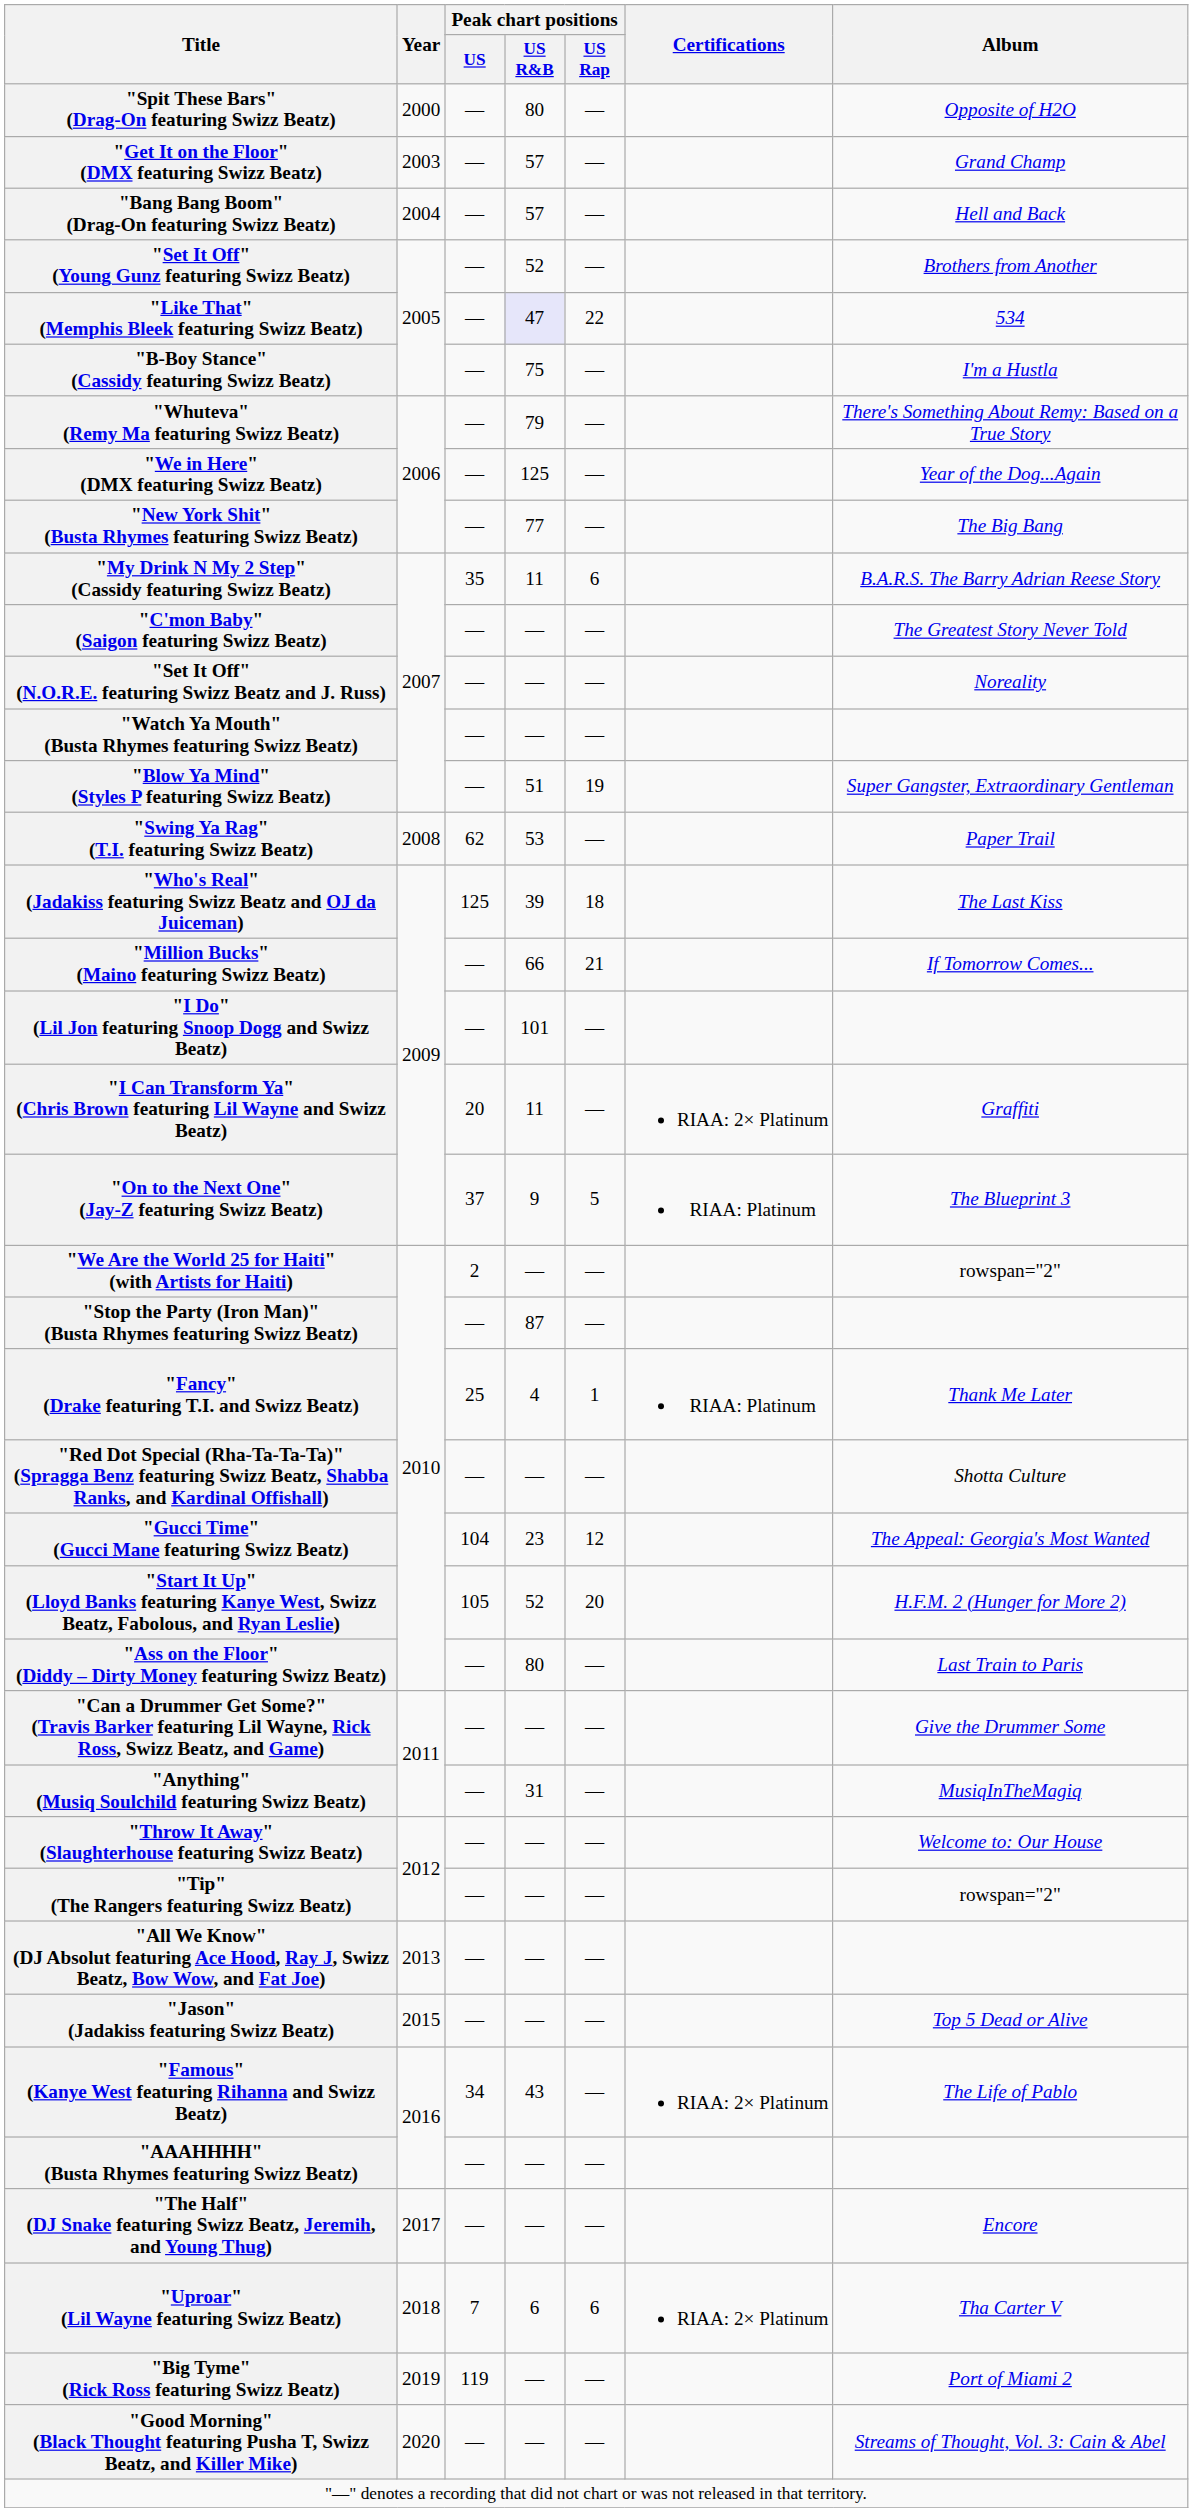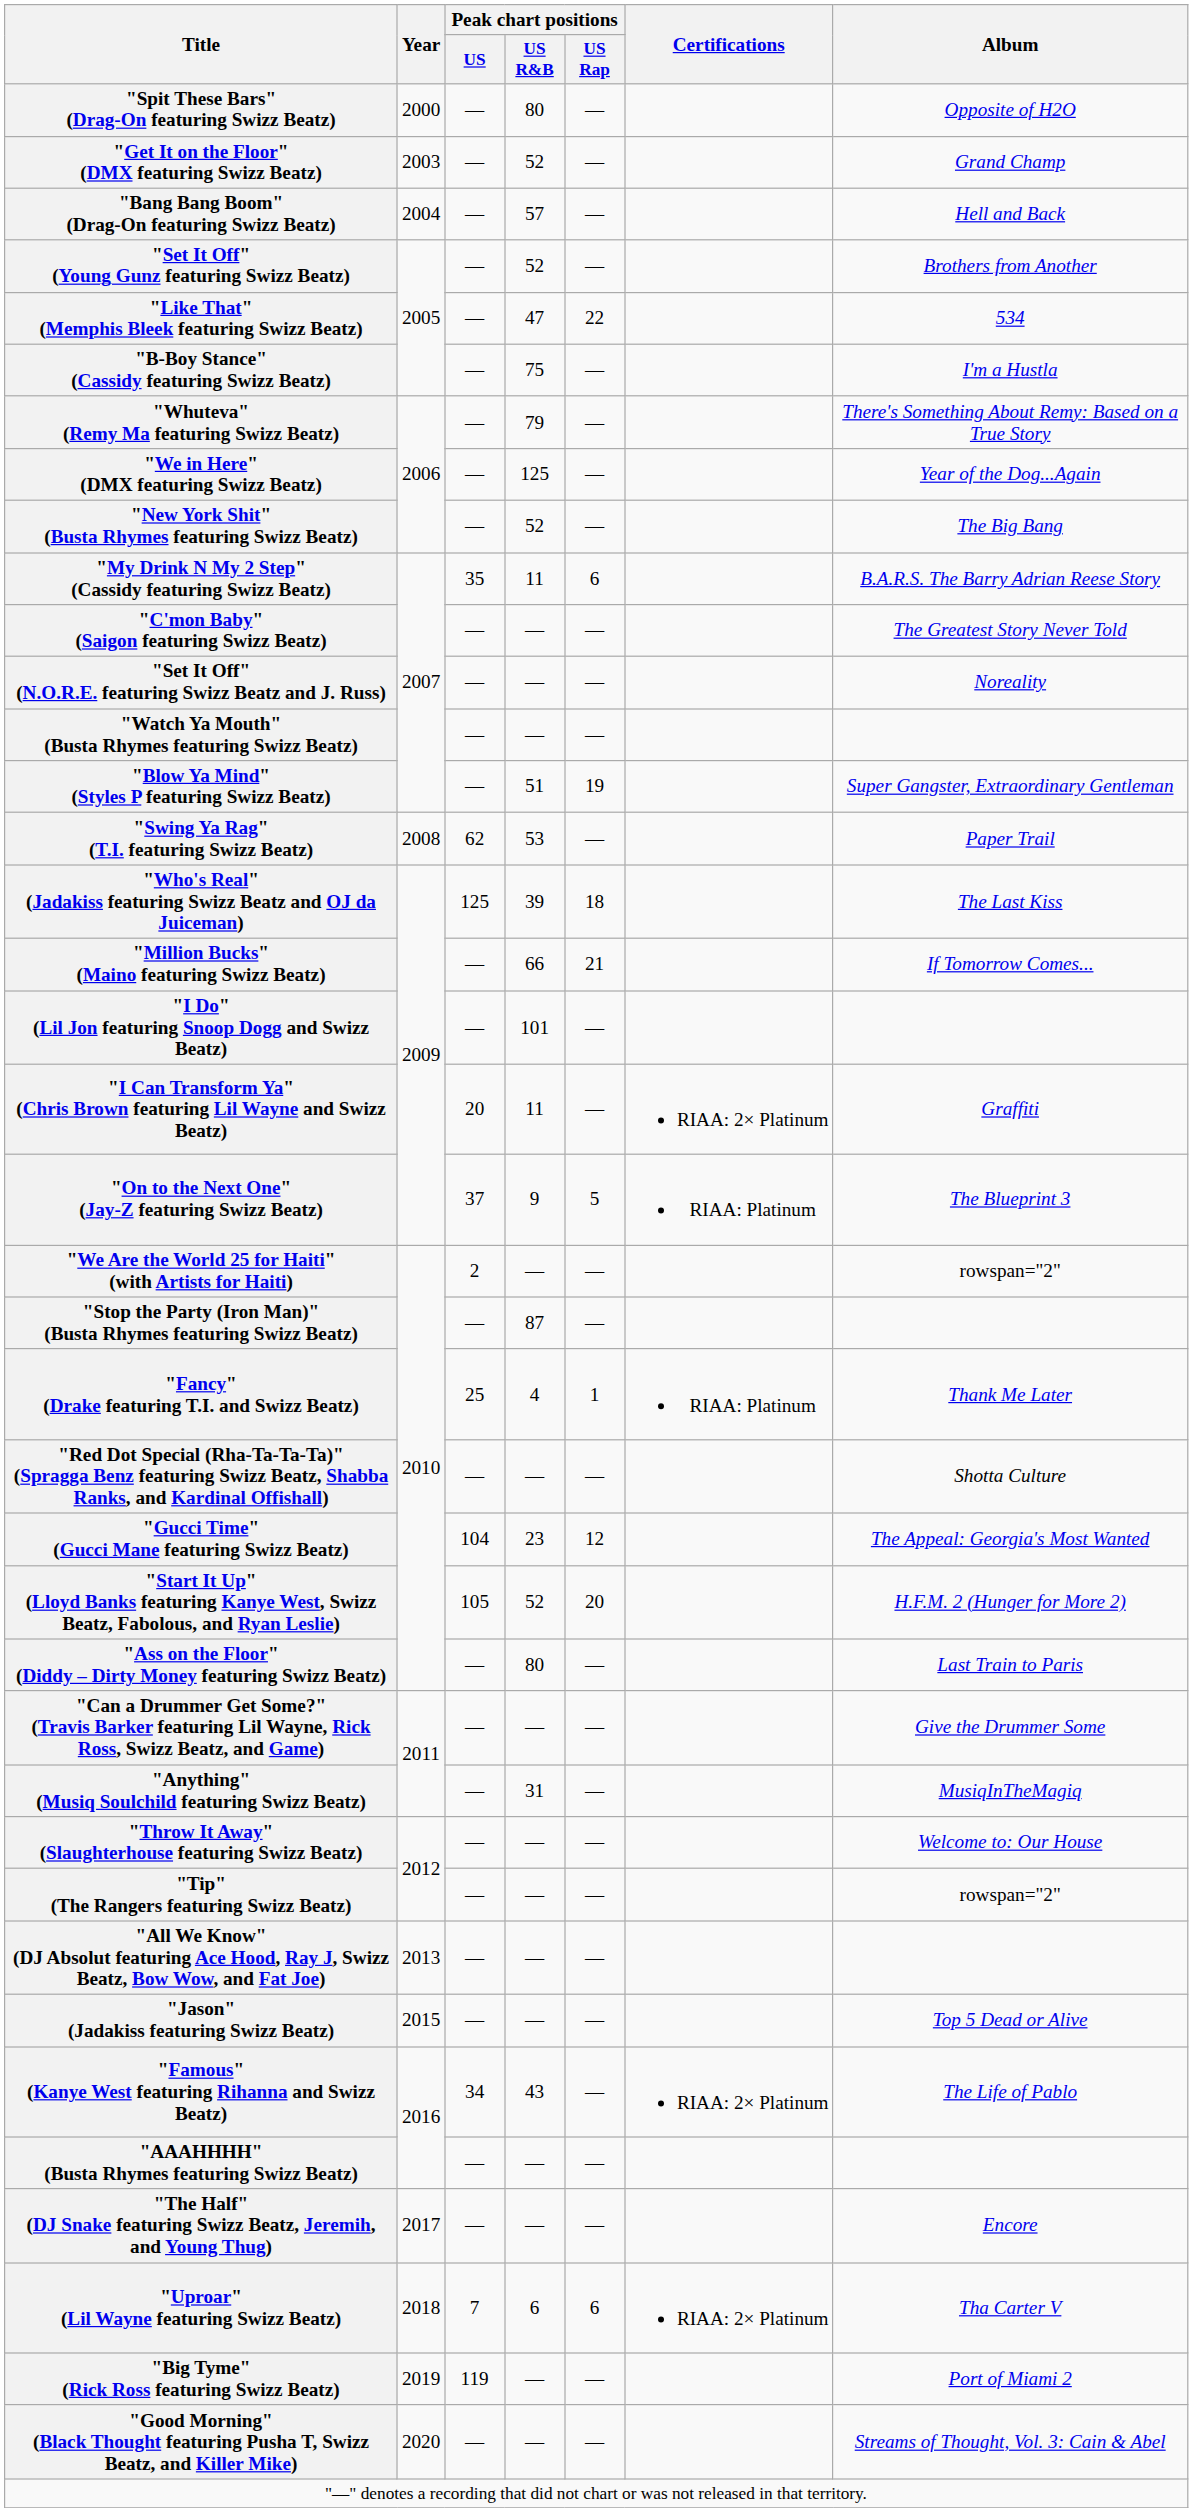 <table class="wikitable plainrowheaders" style="text-align:center;" border="1">
 <tr>
 <th scope="col" rowspan="2" style="width:20em;">Title</th>
 <th scope="col" rowspan="2" style="width:1em;">Year</th>
 <th scope="col" colspan="3">Peak chart positions</th>
 <th rowspan="2"><a href='#'>Certifications</a></th>
 <th rowspan="2" scope="col" style="width:18em;">Album</th>
 </tr>
 <tr>
 <th style="width:3em; font-size:90%"><a href='#'>US</a></th>
 <th style="width:3em; font-size:90%"><a href='#'>US<br>R&B</a></th>
 <th style="width:3em; font-size:90%"><a href='#'>US<br>Rap</a></th>
 </tr>
 <tr>
 <th scope="row">"Spit These Bars"<br><span>(<a href='#'>Drag-On</a> featuring Swizz Beatz)</span></th>
 <td>2000</td>
 <td>—</td>
 <td>80</td>
 <td>—</td>
 <td></td>
 <td><em><a href='#'>Opposite of H2O</a></em></td>
 </tr>
 <tr>
 <th scope="row">"<a href='#'>Get It on the Floor</a>"<br><span>(<a href='#'>DMX</a> featuring Swizz Beatz)</span></th>
 <td>2003</td>
 <td>—</td>
-<td>57</td>
+<td>52</td>
 <td>—</td>
 <td></td>
 <td><em><a href='#'>Grand Champ</a></em></td>
 </tr>
 <tr>
 <th scope="row">"Bang Bang Boom"<br><span>(Drag-On featuring Swizz Beatz)</span></th>
 <td>2004</td>
 <td>—</td>
 <td>57</td>
 <td>—</td>
 <td></td>
 <td><em><a href='#'>Hell and Back</a></em></td>
 </tr>
 <tr>
 <th scope="row">"<a href='#'>Set It Off</a>"<br><span>(<a href='#'>Young Gunz</a> featuring Swizz Beatz)</span></th>
 <td rowspan="3">2005</td>
 <td>—</td>
 <td>52</td>
 <td>—</td>
 <td></td>
 <td><em><a href='#'>Brothers from Another</a></em></td>
 </tr>
 <tr>
 <th scope="row">"<a href='#'>Like That</a>"<br><span>(<a href='#'>Memphis Bleek</a> featuring Swizz Beatz)</span></th>
 <td>—</td>
-<td style="background: lavender;">47</td>
+<td>47</td>
 <td>22</td>
 <td></td>
 <td><em><a href='#'>534</a></em></td>
 </tr>
 <tr>
 <th scope="row">"B-Boy Stance"<br><span>(<a href='#'>Cassidy</a> featuring Swizz Beatz)</span></th>
 <td>—</td>
 <td>75</td>
 <td>—</td>
 <td></td>
 <td><em><a href='#'>I'm a Hustla</a></em></td>
 </tr>
 <tr>
 <th scope="row">"Whuteva"<br><span>(<a href='#'>Remy Ma</a> featuring Swizz Beatz)</span></th>
 <td rowspan="3">2006</td>
 <td>—</td>
 <td>79</td>
 <td>—</td>
 <td></td>
 <td><em><a href='#'>There's Something About Remy: Based on a True Story</a></em></td>
 </tr>
 <tr>
 <th scope="row">"<a href='#'>We in Here</a>"<br><span>(DMX featuring Swizz Beatz)</span></th>
 <td>—</td>
 <td>125</td>
 <td>—</td>
 <td></td>
 <td><em><a href='#'>Year of the Dog...Again</a></em></td>
 </tr>
 <tr>
 <th scope="row">"<a href='#'>New York Shit</a>"<br><span>(<a href='#'>Busta Rhymes</a> featuring Swizz Beatz)</span></th>
 <td>—</td>
-<td>77</td>
+<td>52</td>
 <td>—</td>
 <td></td>
 <td><em><a href='#'>The Big Bang</a></em></td>
 </tr>
 <tr>
 <th scope="row">"<a href='#'>My Drink N My 2 Step</a>"<br><span>(Cassidy featuring Swizz Beatz)</span></th>
 <td rowspan="5">2007</td>
 <td>35</td>
 <td>11</td>
 <td>6</td>
 <td></td>
 <td><em><a href='#'>B.A.R.S. The Barry Adrian Reese Story</a></em></td>
 </tr>
 <tr>
 <th scope="row">"<a href='#'>C'mon Baby</a>"<br><span>(<a href='#'>Saigon</a> featuring Swizz Beatz)</span></th>
 <td>—</td>
 <td>—</td>
 <td>—</td>
 <td></td>
 <td><em><a href='#'>The Greatest Story Never Told</a></em></td>
 </tr>
 <tr>
 <th scope="row">"Set It Off"<br><span>(<a href='#'>N.O.R.E.</a> featuring Swizz Beatz and J. Russ)</span></th>
 <td>—</td>
 <td>—</td>
 <td>—</td>
 <td></td>
 <td><em><a href='#'>Noreality</a></em></td>
 </tr>
 <tr>
 <th scope="row">"Watch Ya Mouth"<br><span>(Busta Rhymes featuring Swizz Beatz)</span></th>
 <td>—</td>
 <td>—</td>
 <td>—</td>
 <td></td>
 <td></td>
 </tr>
 <tr>
 <th scope="row">"<a href='#'>Blow Ya Mind</a>"<br><span>(<a href='#'>Styles P</a> featuring Swizz Beatz)</span></th>
 <td>—</td>
 <td>51</td>
 <td>19</td>
 <td></td>
 <td><em><a href='#'>Super Gangster, Extraordinary Gentleman</a></em></td>
 </tr>
 <tr>
 <th scope="row">"<a href='#'>Swing Ya Rag</a>"<br><span>(<a href='#'>T.I.</a> featuring Swizz Beatz)</span></th>
 <td rowspan="1">2008</td>
 <td>62</td>
 <td>53</td>
 <td>—</td>
 <td></td>
 <td><em><a href='#'>Paper Trail</a></em></td>
 </tr>
 <tr>
 <th scope="row">"<a href='#'>Who's Real</a>"<br><span>(<a href='#'>Jadakiss</a> featuring Swizz Beatz and <a href='#'>OJ da Juiceman</a>)</span></th>
 <td rowspan="5">2009</td>
 <td>125</td>
 <td>39</td>
 <td>18</td>
 <td></td>
 <td><em><a href='#'>The Last Kiss</a></em></td>
 </tr>
 <tr>
 <th scope="row">"<a href='#'>Million Bucks</a>"<br><span>(<a href='#'>Maino</a> featuring Swizz Beatz)</span></th>
 <td>—</td>
 <td>66</td>
 <td>21</td>
 <td></td>
 <td><em><a href='#'>If Tomorrow Comes...</a></em></td>
 </tr>
 <tr>
 <th scope="row">"<a href='#'>I Do</a>"<br><span>(<a href='#'>Lil Jon</a> featuring <a href='#'>Snoop Dogg</a> and Swizz Beatz)</span></th>
 <td>—</td>
 <td>101</td>
 <td>—</td>
 <td></td>
 <td></td>
 </tr>
 <tr>
 <th scope="row">"<a href='#'>I Can Transform Ya</a>"<br><span>(<a href='#'>Chris Brown</a> featuring <a href='#'>Lil Wayne</a> and Swizz Beatz)</span></th>
 <td>20</td>
 <td>11</td>
 <td>—</td>
 <td><br><ul><li>RIAA: 2× Platinum</li></ul></td>
 <td><em><a href='#'>Graffiti</a></em></td>
 </tr>
 <tr>
 <th scope="row">"<a href='#'>On to the Next One</a>"<br><span>(<a href='#'>Jay-Z</a> featuring Swizz Beatz)</span></th>
 <td>37</td>
 <td>9</td>
 <td>5</td>
 <td><br><ul><li>RIAA: Platinum</li></ul></td>
 <td><em><a href='#'>The Blueprint 3</a></em></td>
 </tr>
 <tr>
 <th scope="row">"<a href='#'>We Are the World 25 for Haiti</a>"<br><span>(with <a href='#'>Artists for Haiti</a>)</span></th>
 <td rowspan="7">2010</td>
 <td>2</td>
 <td>—</td>
 <td>—</td>
 <td></td>
 <td>rowspan="2" </td>
 </tr>
 <tr>
 <th scope="row">"Stop the Party (Iron Man)"<br><span>(Busta Rhymes featuring Swizz Beatz)</span></th>
 <td>—</td>
 <td>87</td>
 <td>—</td>
 <td></td>
 </tr>
 <tr>
 <th scope="row">"<a href='#'>Fancy</a>"<br><span>(<a href='#'>Drake</a> featuring T.I. and Swizz Beatz)</span></th>
 <td>25</td>
 <td>4</td>
 <td>1</td>
 <td><br><ul><li>RIAA: Platinum</li></ul></td>
 <td><em><a href='#'>Thank Me Later</a></em></td>
 </tr>
 <tr>
 <th scope="row">"Red Dot Special (Rha-Ta-Ta-Ta)"<br><span>(<a href='#'>Spragga Benz</a> featuring Swizz Beatz, <a href='#'>Shabba Ranks</a>, and <a href='#'>Kardinal Offishall</a>)</span></th>
 <td>—</td>
 <td>—</td>
 <td>—</td>
 <td></td>
 <td><em>Shotta Culture</em></td>
 </tr>
 <tr>
 <th scope="row">"<a href='#'>Gucci Time</a>"<br><span>(<a href='#'>Gucci Mane</a> featuring Swizz Beatz)</span></th>
 <td>104</td>
 <td>23</td>
 <td>12</td>
 <td></td>
 <td><em><a href='#'>The Appeal: Georgia's Most Wanted</a></em></td>
 </tr>
 <tr>
 <th scope="row">"<a href='#'>Start It Up</a>"<br><span>(<a href='#'>Lloyd Banks</a> featuring <a href='#'>Kanye West</a>, Swizz Beatz, Fabolous, and <a href='#'>Ryan Leslie</a>)</span></th>
 <td>105</td>
 <td>52</td>
 <td>20</td>
 <td></td>
 <td><em><a href='#'>H.F.M. 2 (Hunger for More 2)</a></em></td>
 </tr>
 <tr>
 <th scope="row">"<a href='#'>Ass on the Floor</a>"<br><span>(<a href='#'>Diddy – Dirty Money</a> featuring Swizz Beatz)</span></th>
 <td>—</td>
 <td>80</td>
 <td>—</td>
 <td></td>
 <td><em><a href='#'>Last Train to Paris</a></em></td>
 </tr>
 <tr>
 <th scope="row">"Can a Drummer Get Some?"<br><span>(<a href='#'>Travis Barker</a> featuring Lil Wayne, <a href='#'>Rick Ross</a>, Swizz Beatz, and <a href='#'>Game</a>)</span></th>
 <td rowspan="2">2011</td>
 <td>—</td>
 <td>—</td>
 <td>—</td>
 <td></td>
 <td><em><a href='#'>Give the Drummer Some</a></em></td>
 </tr>
 <tr>
 <th scope="row">"Anything"<br><span>(<a href='#'>Musiq Soulchild</a> featuring Swizz Beatz)</span></th>
 <td>—</td>
 <td>31</td>
 <td>—</td>
 <td></td>
 <td><em><a href='#'>MusiqInTheMagiq</a></em></td>
 </tr>
 <tr>
 <th scope="row">"<a href='#'>Throw It Away</a>"<br><span>(<a href='#'>Slaughterhouse</a> featuring Swizz Beatz)</span></th>
 <td rowspan="2">2012</td>
 <td>—</td>
 <td>—</td>
 <td>—</td>
 <td></td>
 <td><em><a href='#'>Welcome to: Our House</a></em></td>
 </tr>
 <tr>
 <th scope="row">"Tip"<br><span>(The Rangers featuring Swizz Beatz)</span></th>
 <td>—</td>
 <td>—</td>
 <td>—</td>
 <td></td>
 <td>rowspan="2" </td>
 </tr>
 <tr>
 <th scope="row">"All We Know"<br><span>(DJ Absolut featuring <a href='#'>Ace Hood</a>, <a href='#'>Ray J</a>, Swizz Beatz, <a href='#'>Bow Wow</a>, and <a href='#'>Fat Joe</a>)</span></th>
 <td>2013</td>
 <td>—</td>
 <td>—</td>
 <td>—</td>
 <td></td>
 </tr>
 <tr>
 <th scope="row">"Jason"<br><span>(Jadakiss featuring Swizz Beatz)</span></th>
 <td>2015</td>
 <td>—</td>
 <td>—</td>
 <td>—</td>
 <td></td>
 <td><em><a href='#'>Top 5 Dead or Alive</a></em></td>
 </tr>
 <tr>
 <th scope="row">"<a href='#'>Famous</a>"<br><span>(<a href='#'>Kanye West</a> featuring <a href='#'>Rihanna</a> and Swizz Beatz)</span></th>
 <td rowspan="2">2016</td>
 <td>34</td>
 <td>43</td>
 <td>—</td>
 <td><br><ul><li>RIAA: 2× Platinum</li></ul></td>
 <td><em><a href='#'>The Life of Pablo</a></em></td>
 </tr>
 <tr>
 <th scope="row">"AAAHHHH"<br><span>(Busta Rhymes featuring Swizz Beatz)</span></th>
 <td>—</td>
 <td>—</td>
 <td>—</td>
 <td></td>
 <td></td>
 </tr>
 <tr>
 <th scope="row">"The Half"<br><span>(<a href='#'>DJ Snake</a> featuring Swizz Beatz, <a href='#'>Jeremih</a>, and <a href='#'>Young Thug</a>)</span></th>
 <td>2017</td>
 <td>—</td>
 <td>—</td>
 <td>—</td>
 <td></td>
 <td><em><a href='#'>Encore</a></em></td>
 </tr>
 <tr>
 <th scope="row">"<a href='#'>Uproar</a>"<br><span>(<a href='#'>Lil Wayne</a> featuring Swizz Beatz)</span></th>
 <td>2018</td>
 <td>7</td>
 <td>6</td>
 <td>6</td>
 <td><br><ul><li>RIAA: 2× Platinum</li></ul></td>
 <td><em><a href='#'>Tha Carter V</a></em></td>
 </tr>
 <tr>
 <th scope="row">"Big Tyme"<br><span>(<a href='#'>Rick Ross</a> featuring Swizz Beatz)</span></th>
 <td>2019</td>
 <td>119</td>
 <td>—</td>
 <td>—</td>
 <td></td>
 <td><em><a href='#'>Port of Miami 2</a></em></td>
 </tr>
 <tr>
 <th scope="row">"Good Morning"<br><span>(<a href='#'>Black Thought</a> featuring Pusha T, Swizz Beatz, and <a href='#'>Killer Mike</a>)</span></th>
 <td>2020</td>
 <td>—</td>
 <td>—</td>
 <td>—</td>
 <td></td>
 <td><em><a href='#'>Streams of Thought, Vol. 3: Cain & Abel</a></em></td>
 </tr>
 <tr>
 <td colspan="7" style="font-size:90%">"—" denotes a recording that did not chart or was not released in that territory.</td>
 </tr>
 </table>
